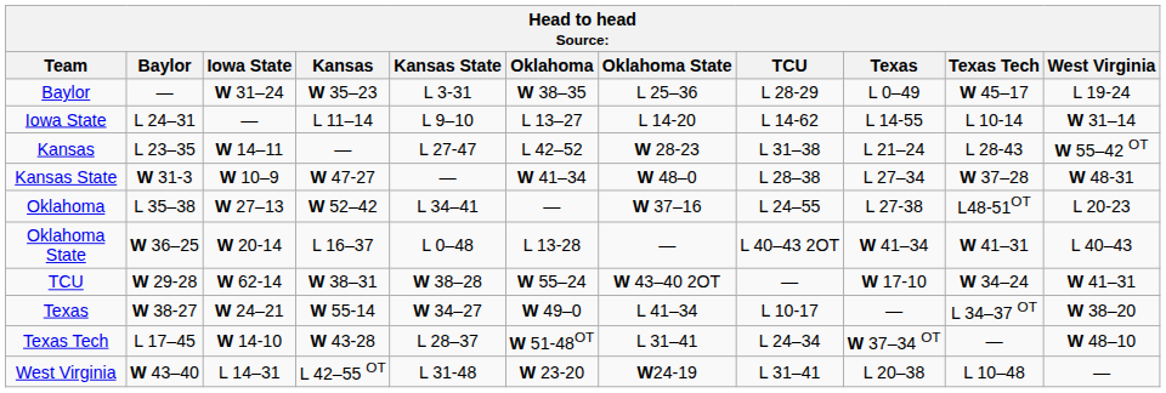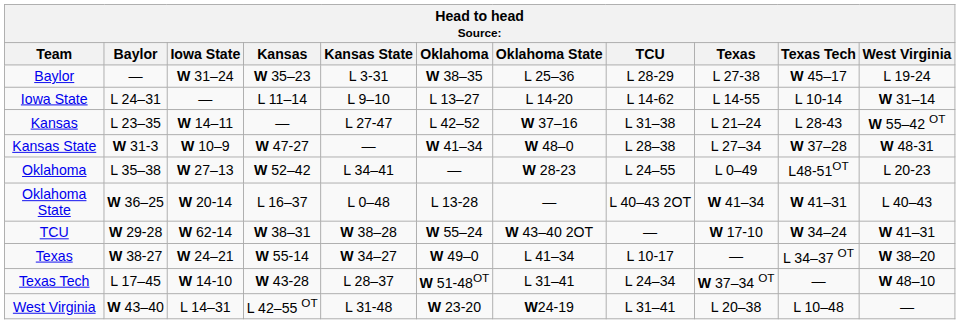 <table class="wikitable" style="font-size:95%; text-align:center;">
 <tr>
 <th colspan=17>Head to head<br><small>Source: </small></th>
 </tr>
 <tr>
 <th style="width:100px;">Team</th>
 <th>Baylor</th>
 <th>Iowa State</th>
 <th>Kansas</th>
 <th>Kansas State</th>
 <th>Oklahoma</th>
 <th>Oklahoma State</th>
 <th>TCU</th>
 <th>Texas</th>
 <th>Texas Tech</th>
 <th>West Virginia</th>
 </tr>
 <tr>
 <td><a href='#'>Baylor</a></td>
 <td>—</td>
 <td><strong>W</strong> 31–24</td>
 <td><strong>W</strong> 35–23</td>
 <td>L 3-31</td>
 <td><strong>W</strong> 38–35</td>
 <td>L 25–36</td>
 <td>L 28-29</td>
-<td>L 0–49</td>
+<td>L 27-38</td>
 <td><strong>W</strong> 45–17</td>
 <td>L 19-24</td>
 </tr>
 <tr>
 <td><a href='#'>Iowa State</a></td>
 <td>L 24–31</td>
 <td>—</td>
 <td>L 11–14</td>
 <td>L 9–10</td>
 <td>L 13–27</td>
 <td>L 14-20</td>
 <td>L 14-62</td>
 <td>L 14-55</td>
 <td>L 10-14</td>
 <td><strong>W</strong> 31–14</td>
 </tr>
 <tr>
 <td><a href='#'>Kansas</a></td>
 <td>L 23–35</td>
 <td><strong>W</strong> 14–11</td>
 <td>—</td>
 <td>L 27-47</td>
 <td>L 42–52</td>
-<td><strong>W</strong> 28-23</td>
+<td><strong>W</strong> 37–16</td>
 <td>L 31–38</td>
 <td>L 21–24</td>
 <td>L 28-43</td>
 <td><strong>W</strong> 55–42 <sup>OT</sup></td>
 </tr>
 <tr>
 <td><a href='#'>Kansas State</a></td>
 <td><strong> W</strong> 31-3</td>
 <td><strong>W</strong> 10–9</td>
 <td><strong>W</strong> 47-27</td>
 <td>—</td>
 <td><strong>W</strong> 41–34</td>
 <td><strong>W</strong> 48–0</td>
 <td>L 28–38</td>
 <td>L 27–34</td>
 <td><strong>W</strong> 37–28</td>
 <td><strong>W</strong> 48-31</td>
 </tr>
 <tr>
 <td><a href='#'>Oklahoma</a></td>
 <td>L 35–38</td>
 <td><strong>W</strong> 27–13</td>
 <td><strong>W</strong> 52–42</td>
 <td>L 34–41</td>
 <td>—</td>
-<td><strong>W</strong> 37–16</td>
+<td><strong>W</strong> 28-23</td>
 <td>L 24–55</td>
-<td>L 27-38</td>
+<td>L 0–49</td>
 <td>L48-51<sup>OT</sup></td>
 <td>L 20-23</td>
 </tr>
 <tr>
 <td><a href='#'>Oklahoma State</a></td>
 <td><strong>W</strong> 36–25</td>
 <td><strong>W</strong> 20-14</td>
 <td>L 16–37</td>
 <td>L 0–48</td>
 <td>L 13-28</td>
 <td>—</td>
 <td>L 40–43 2OT</td>
 <td><strong>W</strong> 41–34</td>
 <td><strong>W</strong> 41–31</td>
 <td>L 40–43</td>
 </tr>
 <tr>
 <td><a href='#'>TCU</a></td>
 <td><strong>W</strong> 29-28</td>
 <td><strong>W</strong> 62-14</td>
 <td><strong>W</strong> 38–31</td>
 <td><strong>W</strong> 38–28</td>
 <td><strong>W</strong> 55–24</td>
 <td><strong>W</strong> 43–40 2OT</td>
 <td>—</td>
 <td><strong>W</strong> 17-10</td>
 <td><strong>W</strong> 34–24</td>
 <td><strong>W</strong> 41–31</td>
 </tr>
 <tr>
 <td><a href='#'>Texas</a></td>
 <td><strong>W</strong> 38-27</td>
 <td><strong>W</strong> 24–21</td>
 <td><strong>W</strong> 55-14</td>
 <td><strong>W</strong> 34–27</td>
 <td><strong>W</strong> 49–0</td>
 <td>L 41–34</td>
 <td>L 10-17</td>
 <td>—</td>
 <td>L 34–37 <sup>OT</sup></td>
 <td><strong>W</strong> 38–20</td>
 </tr>
 <tr>
 <td><a href='#'>Texas Tech</a></td>
 <td>L 17–45</td>
 <td><strong>W</strong> 14-10</td>
 <td><strong>W</strong> 43-28</td>
 <td>L 28–37</td>
 <td><strong>W</strong> 51-48<sup>OT</sup></td>
 <td>L 31–41</td>
 <td>L 24–34</td>
 <td><strong>W</strong> 37–34 <sup>OT</sup></td>
 <td>—</td>
 <td><strong>W</strong> 48–10</td>
 </tr>
 <tr>
 <td><a href='#'>West Virginia</a></td>
 <td><strong>W</strong> 43–40</td>
 <td>L 14–31</td>
 <td>L 42–55 <sup>OT</sup></td>
 <td>L 31-48</td>
 <td><strong>W</strong> 23-20</td>
 <td><strong>W</strong>24-19</td>
 <td>L 31–41</td>
 <td>L 20–38</td>
 <td>L 10–48</td>
 <td>—</td>
 </tr>
 </table>
